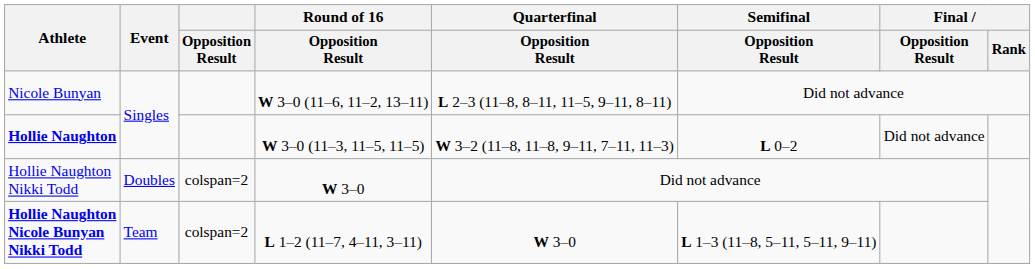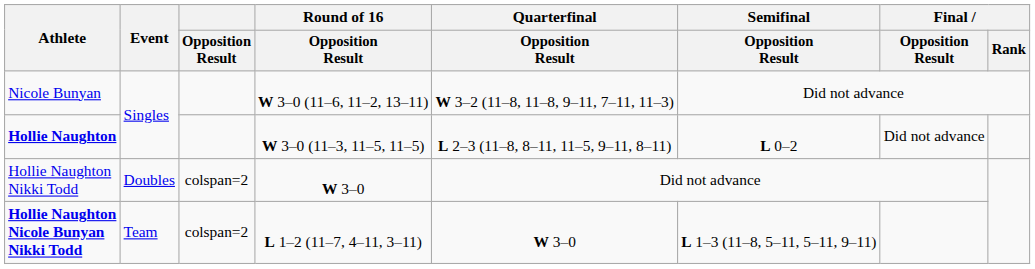 <table class=wikitable style=font-size:90%>
 <tr>
 <th rowspan=2>Athlete</th>
 <th rowspan=2>Event</th>
 <th></th>
 <th>Round of 16</th>
 <th>Quarterfinal</th>
 <th>Semifinal</th>
 <th colspan=2>Final / </th>
 </tr>
 <tr style=font-size:95%>
 <th>Opposition<br>Result</th>
 <th>Opposition<br>Result</th>
 <th>Opposition<br>Result</th>
 <th>Opposition<br>Result</th>
 <th>Opposition<br>Result</th>
 <th>Rank</th>
 </tr>
 <tr align=center>
 <td align=left><a href='#'>Nicole Bunyan</a></td>
 <td align=left rowspan=2><a href='#'>Singles</a></td>
 <td></td>
 <td><br><strong>W</strong> 3–0 (11–6, 11–2, 13–11)</td>
-<td><br><strong>L</strong> 2–3 (11–8, 8–11, 11–5, 9–11, 8–11)</td>
+<td><br><strong>W</strong> 3–2 (11–8, 11–8, 9–11, 7–11, 11–3)</td>
 <td colspan=3>Did not advance</td>
 </tr>
 <tr align=center>
 <td align=left><strong><a href='#'>Hollie Naughton</a></strong></td>
 <td></td>
 <td><br><strong>W</strong> 3–0 (11–3, 11–5, 11–5)</td>
-<td><br><strong>W</strong> 3–2 (11–8, 11–8, 9–11, 7–11, 11–3)</td>
+<td><br><strong>L</strong> 2–3 (11–8, 8–11, 11–5, 9–11, 8–11)</td>
 <td><br><strong>L</strong> 0–2</td>
 <td>Did not advance</td>
 <td></td>
 </tr>
 <tr align=center>
 <td align=left><a href='#'>Hollie Naughton</a><br><a href='#'>Nikki Todd</a></td>
 <td align=left><a href='#'>Doubles</a></td>
 <td>colspan=2 </td>
 <td><br><strong>W</strong> 3–0</td>
 <td colspan=3>Did not advance</td>
 </tr>
 <tr align=center>
 <td align=left><strong><a href='#'>Hollie Naughton</a><br><a href='#'>Nicole Bunyan</a><br><a href='#'>Nikki Todd</a></strong></td>
 <td align=left><a href='#'>Team</a></td>
 <td>colspan=2 </td>
 <td><br><strong>L</strong> 1–2 (11–7, 4–11, 3–11)</td>
 <td><br><strong>W</strong> 3–0</td>
 <td><br><strong>L</strong> 1–3 (11–8, 5–11, 5–11, 9–11)</td>
 <td></td>
 </tr>
 </table>
